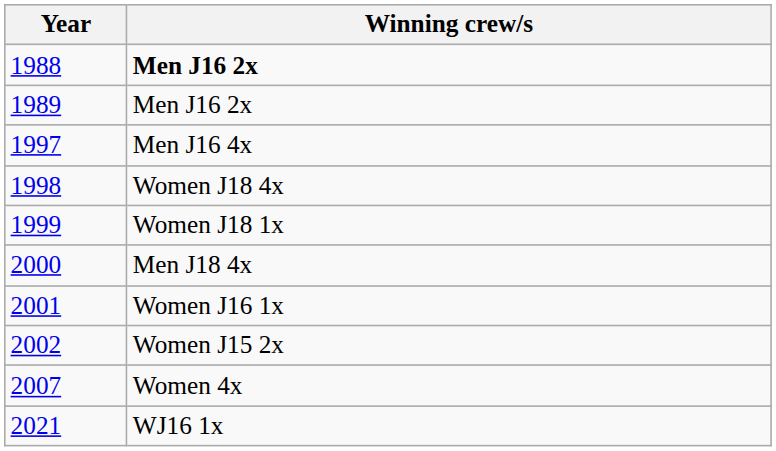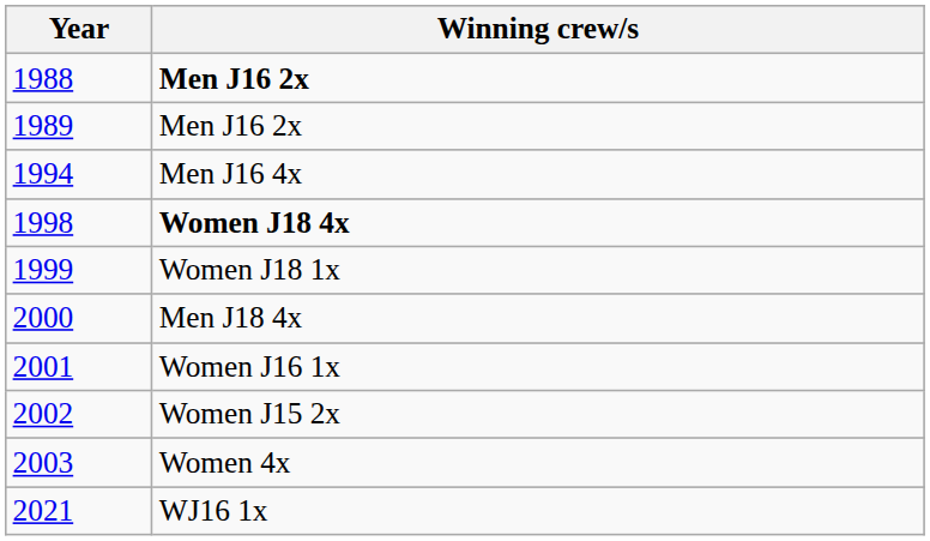 <table class="wikitable">
 <tr>
 <th width=70>Year</th>
 <th width=400>Winning crew/s</th>
 </tr>
 <tr>
 <td><a href='#'>1988</a></td>
 <td><strong>Men J16 2x</strong></td>
 </tr>
 <tr>
 <td><a href='#'>1989</a></td>
 <td>Men J16 2x</td>
 </tr>
 <tr>
-<td><a href='#'>1997</a></td>
+<td><a href='#'>1994</a></td>
 <td>Men J16 4x</td>
 </tr>
 <tr>
 <td><a href='#'>1998</a></td>
-<td>Women J18 4x</td>
+<td><strong>Women J18 4x</strong></td>
 </tr>
 <tr>
 <td><a href='#'>1999</a></td>
 <td>Women J18 1x</td>
 </tr>
 <tr>
 <td><a href='#'>2000</a></td>
 <td>Men J18 4x </td>
 </tr>
 <tr>
 <td><a href='#'>2001</a></td>
 <td>Women J16 1x </td>
 </tr>
 <tr>
 <td><a href='#'>2002</a></td>
 <td>Women J15 2x </td>
 </tr>
 <tr>
-<td><a href='#'>2007</a></td>
+<td><a href='#'>2003</a></td>
 <td>Women 4x </td>
 </tr>
 <tr>
 <td><a href='#'>2021</a></td>
 <td>WJ16 1x </td>
 </tr>
 </table>
